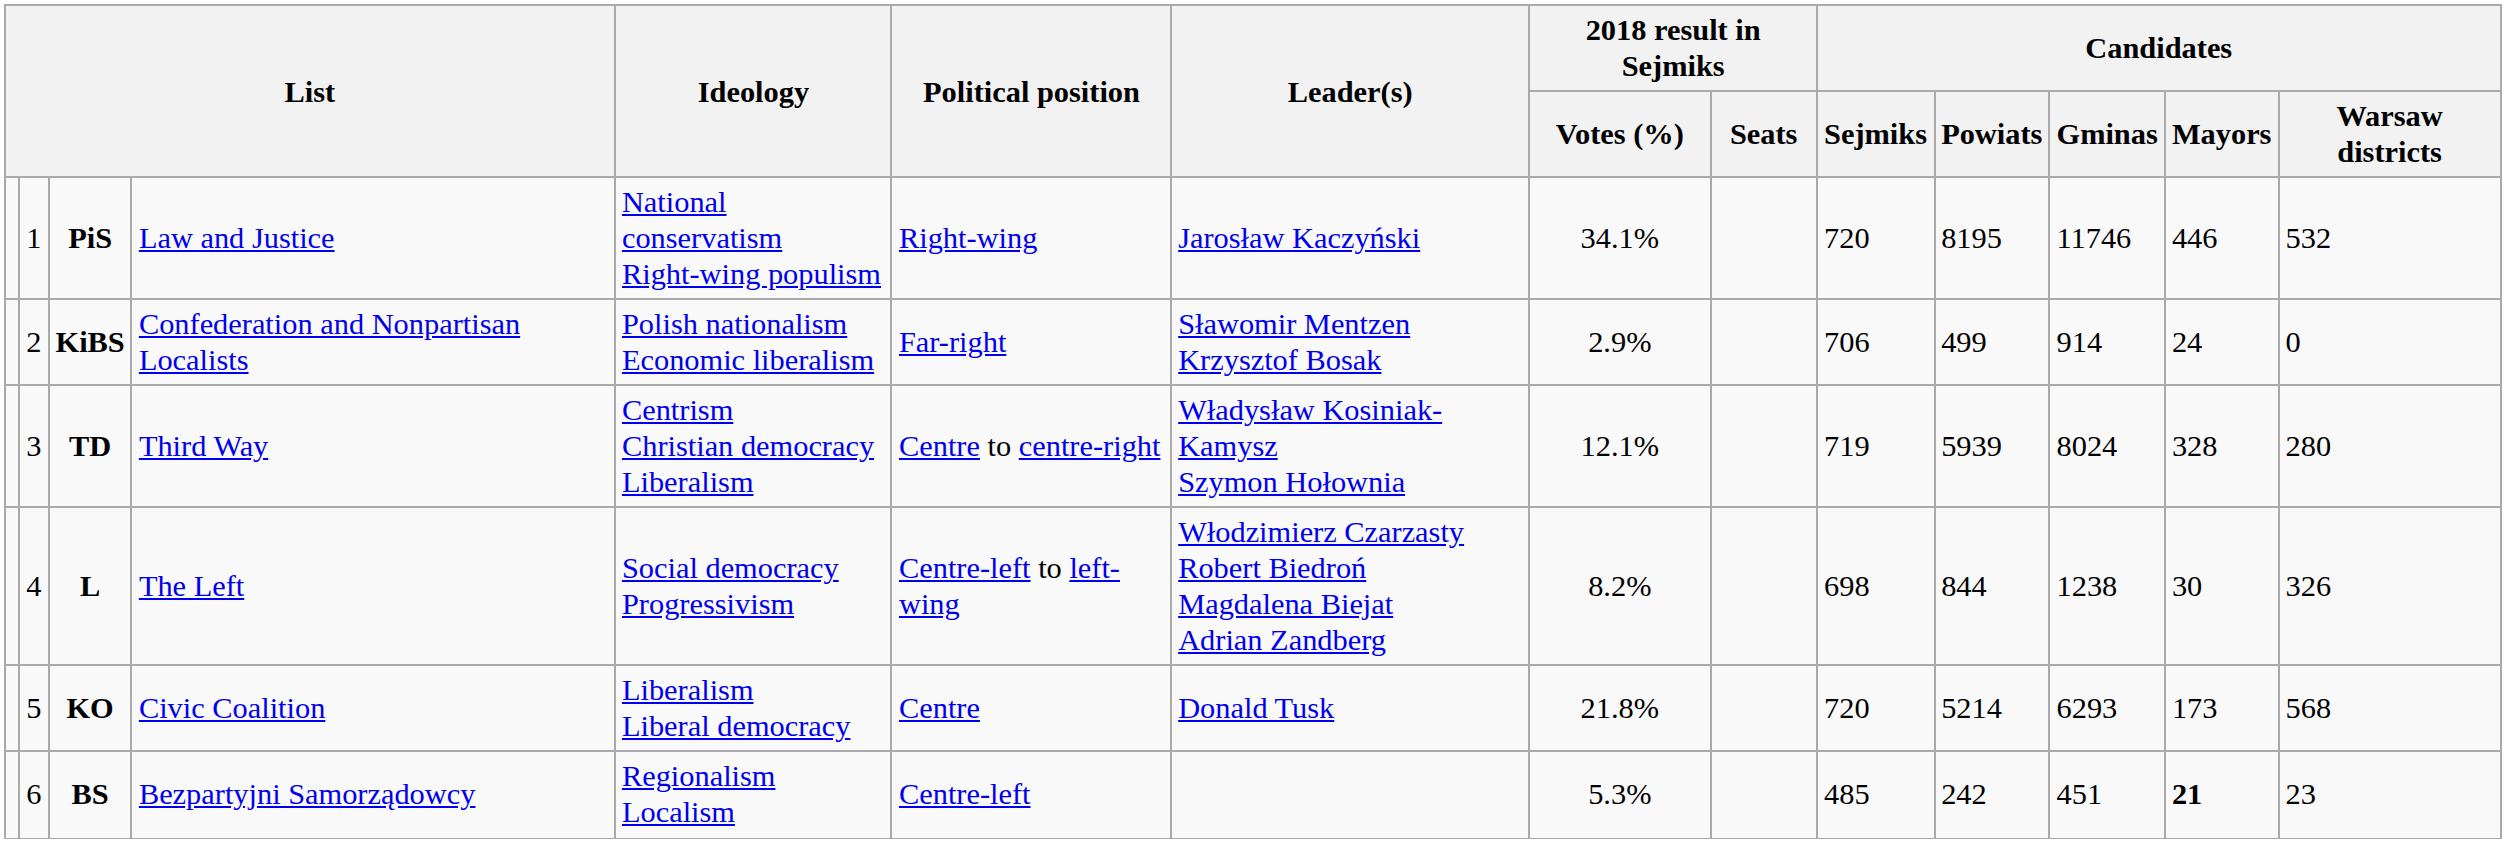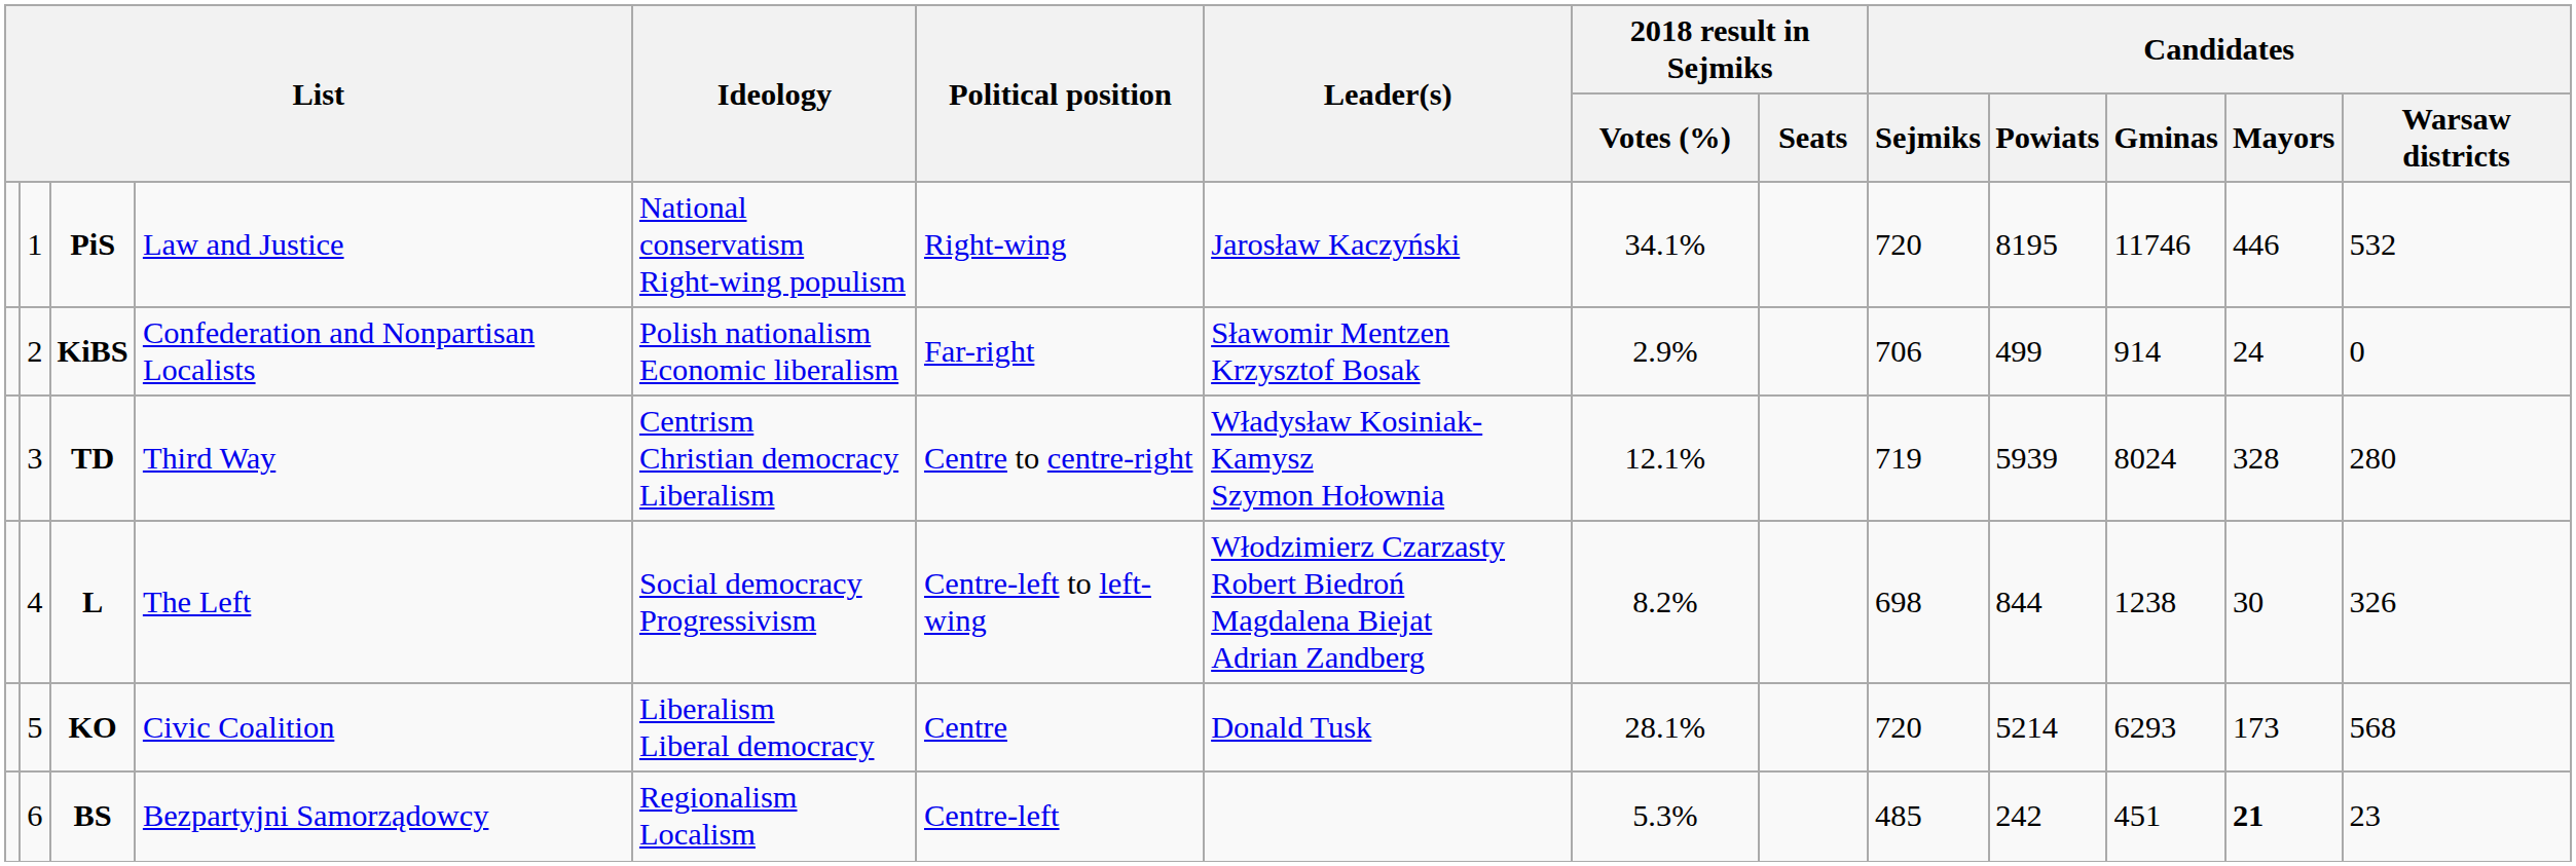 <table class="wikitable sortable" style="font-size:95%;">
 <tr>
 <th colspan="4" rowspan="2">List</th>
 <th rowspan="2">Ideology</th>
 <th rowspan="2">Political position</th>
 <th rowspan="2">Leader(s)</th>
 <th colspan="2">2018 result in Sejmiks</th>
 <th colspan="5">Candidates</th>
 </tr>
 <tr>
 <th>Votes (%)</th>
 <th>Seats</th>
 <th>Sejmiks</th>
 <th>Powiats</th>
 <th>Gminas</th>
 <th>Mayors</th>
 <th>Warsaw districts</th>
 </tr>
 <tr>
 <td style="background:"></td>
 <td>1</td>
 <td style="text-align:center;"><strong>PiS</strong></td>
 <td><a href='#'>Law and Justice</a><br></td>
 <td><a href='#'>National conservatism</a><br><a href='#'>Right-wing populism</a></td>
 <td><a href='#'>Right-wing</a></td>
 <td><a href='#'>Jarosław Kaczyński</a></td>
 <td style="text-align:center;">34.1%</td>
 <td></td>
 <td>720</td>
 <td>8195</td>
 <td>11746</td>
 <td>446</td>
 <td>532</td>
 </tr>
 <tr>
 <td style="background:"></td>
 <td>2</td>
 <td style="text-align:center;"><strong>KiBS</strong></td>
 <td><a href='#'>Confederation and Nonpartisan Localists</a><br></td>
 <td><a href='#'>Polish nationalism</a><br><a href='#'>Economic liberalism</a></td>
 <td><a href='#'>Far-right</a></td>
 <td><a href='#'>Sławomir Mentzen</a><br><a href='#'>Krzysztof Bosak</a></td>
 <td style="text-align:center;">2.9%</td>
 <td></td>
 <td>706</td>
 <td>499</td>
 <td>914</td>
 <td>24</td>
 <td>0</td>
 </tr>
 <tr>
 <td style="background:"></td>
 <td>3</td>
 <td style="text-align:center;"><strong>TD</strong></td>
 <td><a href='#'>Third Way</a><br></td>
 <td><a href='#'>Centrism</a><br><a href='#'>Christian democracy</a><br><a href='#'>Liberalism</a></td>
 <td><a href='#'>Centre</a> to <a href='#'>centre-right</a></td>
 <td><a href='#'>Władysław Kosiniak-Kamysz</a><br><a href='#'>Szymon Hołownia</a></td>
 <td style="text-align:center;">12.1%</td>
 <td></td>
 <td>719</td>
 <td>5939</td>
 <td>8024</td>
 <td>328</td>
 <td>280</td>
 </tr>
 <tr>
 <td style="background:"></td>
 <td>4</td>
 <td style="text-align:center;"><strong>L</strong></td>
 <td><a href='#'>The Left</a><br></td>
 <td><a href='#'>Social democracy</a><br><a href='#'>Progressivism</a></td>
 <td><a href='#'>Centre-left</a> to <a href='#'>left-wing</a></td>
 <td><a href='#'>Włodzimierz Czarzasty</a><br><a href='#'>Robert Biedroń</a><br><a href='#'>Magdalena Biejat</a><br><a href='#'>Adrian Zandberg</a></td>
 <td style="text-align:center;">8.2%</td>
 <td></td>
 <td>698</td>
 <td>844</td>
 <td>1238</td>
 <td>30</td>
 <td>326</td>
 </tr>
 <tr>
 <td style="background:"></td>
 <td>5</td>
 <td style="text-align:center;"><strong>KO</strong></td>
 <td><a href='#'>Civic Coalition</a><br></td>
 <td><a href='#'>Liberalism</a><br> <a href='#'>Liberal democracy</a></td>
 <td><a href='#'>Centre</a></td>
 <td><a href='#'>Donald Tusk</a></td>
-<td style="text-align:center;">21.8%</td>
+<td style="text-align:center;">28.1%</td>
 <td></td>
 <td>720</td>
 <td>5214</td>
 <td>6293</td>
 <td>173</td>
 <td>568</td>
 </tr>
 <tr>
 <td style="background:"></td>
 <td>6</td>
 <td style="text-align:center;"><strong>BS</strong></td>
 <td><a href='#'>Bezpartyjni Samorządowcy</a></td>
 <td><a href='#'>Regionalism</a><br><a href='#'>Localism</a></td>
 <td><a href='#'>Centre-left</a></td>
 <td></td>
 <td style="text-align:center;">5.3%</td>
 <td></td>
 <td>485</td>
 <td>242</td>
 <td>451</td>
 <td><strong>21</strong></td>
 <td>23</td>
 </tr>
 </table>
